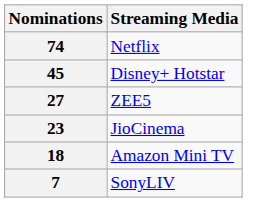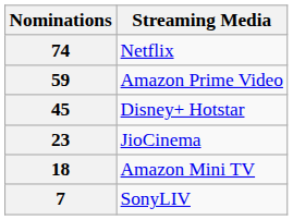 <table class="wikitable" style="display:inline-table;">
 <tr>
 <th>Nominations</th>
 <th>Streaming Media</th>
 </tr>
 <tr>
 <th>74</th>
 <td><a href='#'>Netflix</a></td>
 </tr>
 <tr>
+<th>59</th>
+<td><a href='#'>Amazon Prime Video</a></td>
+</tr>
+<tr>
 <th>45</th>
 <td><a href='#'>Disney+ Hotstar</a></td>
-</tr>
-<tr>
-<th>27</th>
-<td><a href='#'>ZEE5</a></td>
 </tr>
 <tr>
 <th>23</th>
 <td><a href='#'>JioCinema</a></td>
 </tr>
 <tr>
 <th>18</th>
 <td><a href='#'>Amazon Mini TV</a></td>
 </tr>
 <tr>
 <th>7</th>
 <td><a href='#'>SonyLIV</a></td>
 </tr>
 </table>
